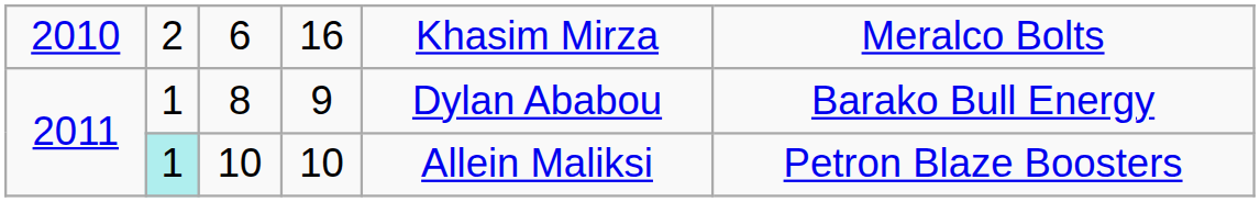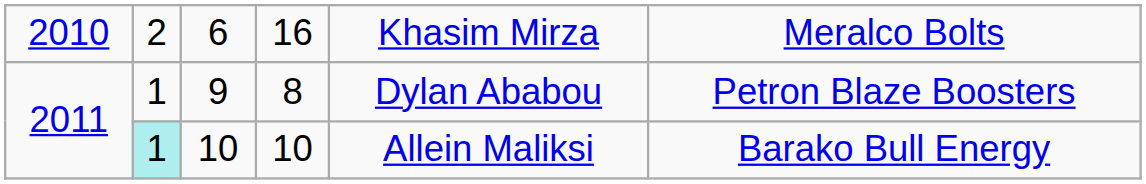 <table class=wikitable width=80%>
 <tr align=center>
 <td><a href='#'>2010</a></td>
 <td>2</td>
 <td>6</td>
 <td>16</td>
 <td><a href='#'>Khasim Mirza</a></td>
 <td><a href='#'>Meralco Bolts</a></td>
 </tr>
 <tr align=center>
 <td rowspan=2><a href='#'>2011</a></td>
 <td>1</td>
+<td>9</td>
 <td>8</td>
-<td>9</td>
 <td><a href='#'>Dylan Ababou</a></td>
-<td><a href='#'>Barako Bull Energy</a></td>
+<td><a href='#'>Petron Blaze Boosters</a></td>
 </tr>
 <tr align=center>
 <td style="background: paleturquoise;">1</td>
 <td>10</td>
 <td>10</td>
 <td><a href='#'>Allein Maliksi</a></td>
-<td><a href='#'>Petron Blaze Boosters</a></td>
+<td><a href='#'>Barako Bull Energy</a></td>
 </tr>
 </table>
